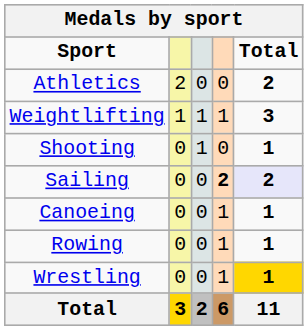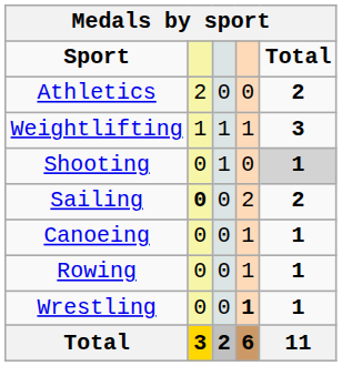 <table class="wikitable" style="font-size:95%">
 <tr style="background:#efefef;">
 <th colspan=5>Medals by sport</th>
 </tr>
 <tr align=center>
 <td><strong>Sport</strong></td>
 <td bgcolor=#f7f6a8></td>
 <td bgcolor=#dce5e5></td>
 <td bgcolor=#ffdab9></td>
 <td><strong>Total</strong></td>
 </tr>
 <tr align=center>
 <td><a href='#'>Athletics</a></td>
 <td style="background:#F7F6A8;">2</td>
 <td style="background:#DCE5E5;">0</td>
 <td style="background:#FFDAB9;">0</td>
 <td><strong>2</strong></td>
 </tr>
 <tr align=center>
 <td><a href='#'>Weightlifting</a></td>
 <td style="background:#F7F6A8;">1</td>
 <td style="background:#DCE5E5;">1</td>
 <td style="background:#FFDAB9;">1</td>
 <td><strong>3</strong></td>
 </tr>
 <tr align=center>
 <td><a href='#'>Shooting</a></td>
 <td style="background:#F7F6A8;">0</td>
 <td style="background:#DCE5E5;">1</td>
 <td style="background:#FFDAB9;">0</td>
-<td><strong>1</strong></td>
+<td style="background: lightgrey;"><strong>1</strong></td>
 </tr>
 <tr align=center>
 <td><a href='#'>Sailing</a></td>
-<td style="background:#F7F6A8;">0</td>
+<td style="background:#F7F6A8;"><strong>0</strong></td>
 <td style="background:#DCE5E5;">0</td>
-<td style="background:#FFDAB9;"><strong>2</strong></td>
-<td style="background: lavender;"><strong>2</strong></td>
+<td style="background:#FFDAB9;">2</td>
+<td><strong>2</strong></td>
 </tr>
 <tr align=center>
 <td><a href='#'>Canoeing</a></td>
 <td style="background:#F7F6A8;">0</td>
 <td style="background:#DCE5E5;">0</td>
 <td style="background:#FFDAB9;">1</td>
 <td><strong>1</strong></td>
 </tr>
 <tr align=center>
 <td><a href='#'>Rowing</a></td>
 <td style="background:#F7F6A8;">0</td>
 <td style="background:#DCE5E5;">0</td>
 <td style="background:#FFDAB9;">1</td>
 <td><strong>1</strong></td>
 </tr>
 <tr align=center>
 <td><a href='#'>Wrestling</a></td>
 <td style="background:#F7F6A8;">0</td>
 <td style="background:#DCE5E5;">0</td>
-<td style="background:#FFDAB9;">1</td>
-<td style="background: gold;"><strong>1</strong></td>
+<td style="background:#FFDAB9;"><strong>1</strong></td>
+<td><strong>1</strong></td>
 </tr>
 <tr align=center>
 <th>Total</th>
 <th style="background:gold;">3</th>
 <th style="background:silver;">2</th>
 <th style="background:#c96;">6</th>
 <th>11</th>
 </tr>
 </table>
